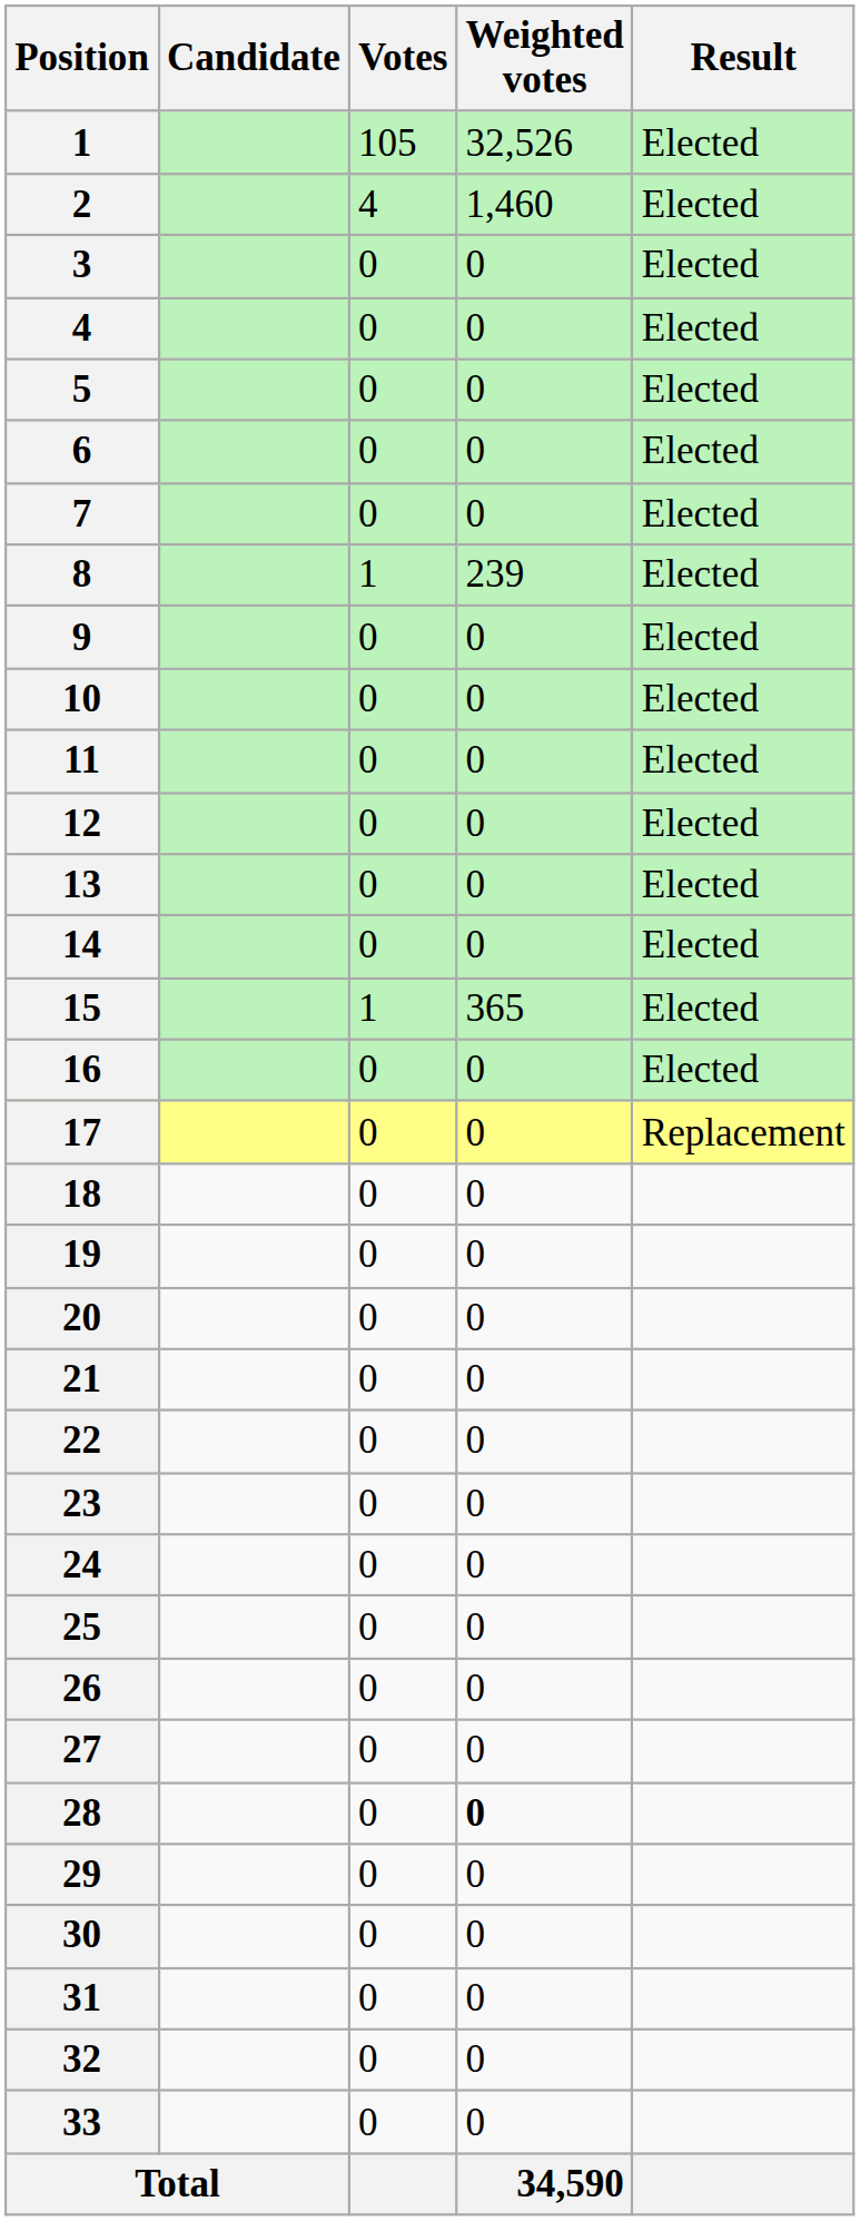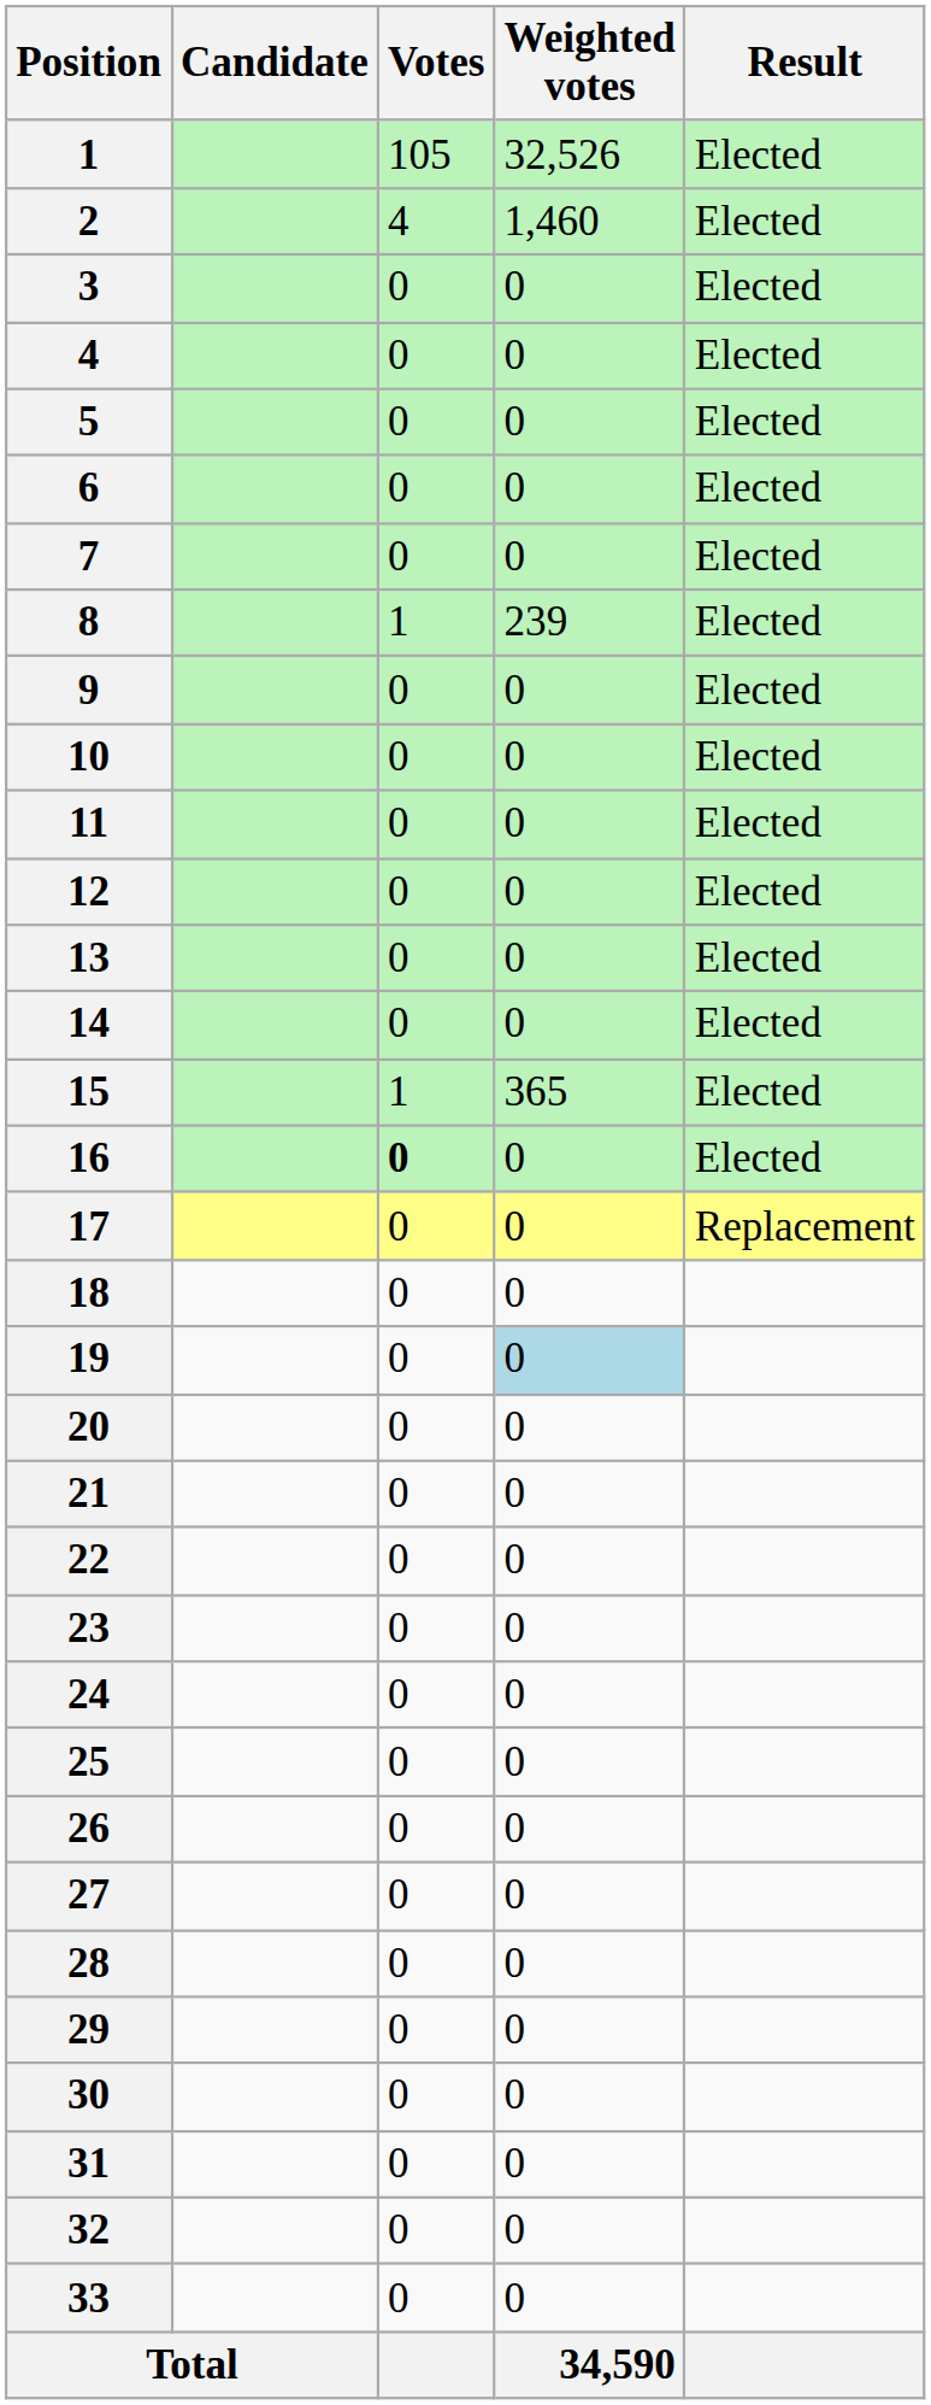 <table class="wikitable sortable col3right col4right">
 <tr>
 <th scope="col">Position</th>
 <th scope="col">Candidate</th>
 <th scope="col">Votes</th>
 <th scope="col">Weighted<br>votes</th>
 <th scope="col">Result</th>
 </tr>
 <tr bgcolor=bbf3bb>
 <th scope="row">1</th>
 <td></td>
 <td>105</td>
 <td>32,526</td>
 <td>Elected</td>
 </tr>
 <tr bgcolor=bbf3bb>
 <th scope="row">2</th>
 <td></td>
 <td>4</td>
 <td>1,460</td>
 <td>Elected</td>
 </tr>
 <tr bgcolor=bbf3bb>
 <th scope="row">3</th>
 <td></td>
 <td>0</td>
 <td>0</td>
 <td>Elected</td>
 </tr>
 <tr bgcolor=bbf3bb>
 <th scope="row">4</th>
 <td></td>
 <td>0</td>
 <td>0</td>
 <td>Elected</td>
 </tr>
 <tr bgcolor=bbf3bb>
 <th scope="row">5</th>
 <td></td>
 <td>0</td>
 <td>0</td>
 <td>Elected</td>
 </tr>
 <tr bgcolor=bbf3bb>
 <th scope="row">6</th>
 <td></td>
 <td>0</td>
 <td>0</td>
 <td>Elected</td>
 </tr>
 <tr bgcolor=bbf3bb>
 <th scope="row">7</th>
 <td></td>
 <td>0</td>
 <td>0</td>
 <td>Elected</td>
 </tr>
 <tr bgcolor=bbf3bb>
 <th scope="row">8</th>
 <td></td>
 <td>1</td>
 <td>239</td>
 <td>Elected</td>
 </tr>
 <tr bgcolor=bbf3bb>
 <th scope="row">9</th>
 <td></td>
 <td>0</td>
 <td>0</td>
 <td>Elected</td>
 </tr>
 <tr bgcolor=bbf3bb>
 <th scope="row">10</th>
 <td></td>
 <td>0</td>
 <td>0</td>
 <td>Elected</td>
 </tr>
 <tr bgcolor=bbf3bb>
 <th scope="row">11</th>
 <td></td>
 <td>0</td>
 <td>0</td>
 <td>Elected</td>
 </tr>
 <tr bgcolor=bbf3bb>
 <th scope="row">12</th>
 <td></td>
 <td>0</td>
 <td>0</td>
 <td>Elected</td>
 </tr>
 <tr bgcolor=bbf3bb>
 <th scope="row">13</th>
 <td></td>
 <td>0</td>
 <td>0</td>
 <td>Elected</td>
 </tr>
 <tr bgcolor=bbf3bb>
 <th scope="row">14</th>
 <td></td>
 <td>0</td>
 <td>0</td>
 <td>Elected</td>
 </tr>
 <tr bgcolor=bbf3bb>
 <th scope="row">15</th>
 <td></td>
 <td>1</td>
 <td>365</td>
 <td>Elected</td>
 </tr>
 <tr bgcolor=bbf3bb>
 <th scope="row">16</th>
 <td></td>
-<td>0</td>
+<td><strong>0</strong></td>
 <td>0</td>
 <td>Elected</td>
 </tr>
 <tr bgcolor=#FF8>
 <th scope="row">17</th>
 <td></td>
 <td>0</td>
 <td>0</td>
 <td>Replacement</td>
 </tr>
 <tr>
 <th scope="row">18</th>
 <td></td>
 <td>0</td>
 <td>0</td>
 <td></td>
 </tr>
 <tr>
 <th scope="row">19</th>
 <td></td>
 <td>0</td>
-<td>0</td>
+<td style="background: lightblue;">0</td>
 <td></td>
 </tr>
 <tr>
 <th scope="row">20</th>
 <td></td>
 <td>0</td>
 <td>0</td>
 <td></td>
 </tr>
 <tr>
 <th scope="row">21</th>
 <td></td>
 <td>0</td>
 <td>0</td>
 <td></td>
 </tr>
 <tr>
 <th scope="row">22</th>
 <td></td>
 <td>0</td>
 <td>0</td>
 <td></td>
 </tr>
 <tr>
 <th scope="row">23</th>
 <td></td>
 <td>0</td>
 <td>0</td>
 <td></td>
 </tr>
 <tr>
 <th scope="row">24</th>
 <td></td>
 <td>0</td>
 <td>0</td>
 <td></td>
 </tr>
 <tr>
 <th scope="row">25</th>
 <td></td>
 <td>0</td>
 <td>0</td>
 <td></td>
 </tr>
 <tr>
 <th scope="row">26</th>
 <td></td>
 <td>0</td>
 <td>0</td>
 <td></td>
 </tr>
 <tr>
 <th scope="row">27</th>
 <td></td>
 <td>0</td>
 <td>0</td>
 <td></td>
 </tr>
 <tr>
 <th scope="row">28</th>
 <td></td>
 <td>0</td>
-<td><strong>0</strong></td>
+<td>0</td>
 <td></td>
 </tr>
 <tr>
 <th scope="row">29</th>
 <td></td>
 <td>0</td>
 <td>0</td>
 <td></td>
 </tr>
 <tr>
 <th scope="row">30</th>
 <td></td>
 <td>0</td>
 <td>0</td>
 <td></td>
 </tr>
 <tr>
 <th scope="row">31</th>
 <td></td>
 <td>0</td>
 <td>0</td>
 <td></td>
 </tr>
 <tr>
 <th scope="row">32</th>
 <td></td>
 <td>0</td>
 <td>0</td>
 <td></td>
 </tr>
 <tr>
 <th scope="row">33</th>
 <td></td>
 <td>0</td>
 <td>0</td>
 <td></td>
 </tr>
 <tr class="sortbottom">
 <th scope="row" colspan="2">Total</th>
 <th style="text-align:right"></th>
 <th style="text-align:right">34,590</th>
 <th></th>
 </tr>
 </table>
